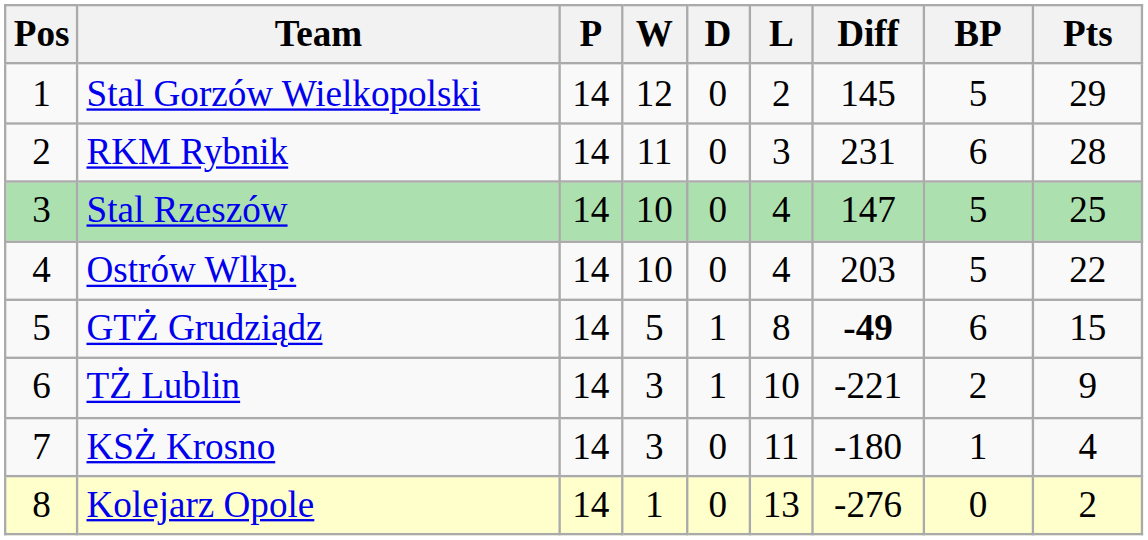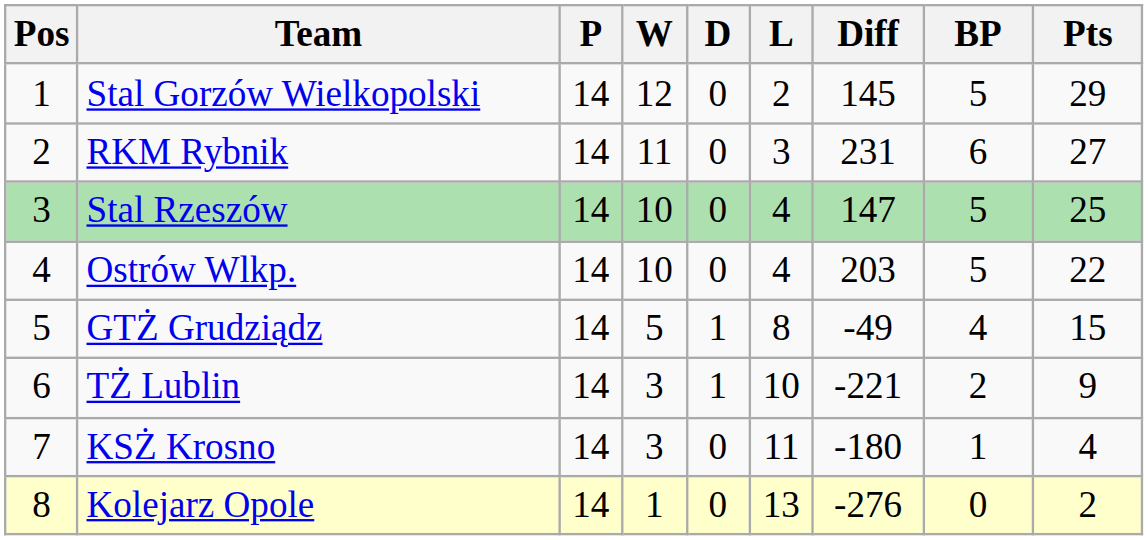 <table class="wikitable" style="font-size: 100%">
 <tr>
 <th width=20>Pos</th>
 <th width=200>Team</th>
 <th width=20>P</th>
 <th width=20>W</th>
 <th width=20>D</th>
 <th width=20>L</th>
 <th width=40>Diff</th>
 <th width=40>BP</th>
 <th width=40>Pts</th>
 </tr>
 <tr align=center>
 <td>1</td>
 <td align="left"><a href='#'>Stal Gorzów Wielkopolski</a></td>
 <td>14</td>
 <td>12</td>
 <td>0</td>
 <td>2</td>
 <td>145</td>
 <td>5</td>
 <td>29</td>
 </tr>
 <tr align=center>
 <td>2</td>
 <td align="left"><a href='#'>RKM Rybnik</a></td>
 <td>14</td>
 <td>11</td>
 <td>0</td>
 <td>3</td>
 <td>231</td>
 <td>6</td>
-<td>28</td>
+<td>27</td>
 </tr>
 <tr align=center style="background:#ACE1AF;">
 <td>3</td>
 <td align="left"><a href='#'>Stal Rzeszów</a></td>
 <td>14</td>
 <td>10</td>
 <td>0</td>
 <td>4</td>
 <td>147</td>
 <td>5</td>
 <td>25</td>
 </tr>
 <tr align=center>
 <td>4</td>
 <td align="left"><a href='#'>Ostrów Wlkp.</a></td>
 <td>14</td>
 <td>10</td>
 <td>0</td>
 <td>4</td>
 <td>203</td>
 <td>5</td>
 <td>22</td>
 </tr>
 <tr align=center>
 <td>5</td>
 <td align="left"><a href='#'>GTŻ Grudziądz</a></td>
 <td>14</td>
 <td>5</td>
 <td>1</td>
 <td>8</td>
-<td><strong>-49</strong></td>
-<td>6</td>
+<td>-49</td>
+<td>4</td>
 <td>15</td>
 </tr>
 <tr align=center>
 <td>6</td>
 <td align="left"><a href='#'>TŻ Lublin</a></td>
 <td>14</td>
 <td>3</td>
 <td>1</td>
 <td>10</td>
 <td>-221</td>
 <td>2</td>
 <td>9</td>
 </tr>
 <tr align=center>
 <td>7</td>
 <td align="left"><a href='#'>KSŻ Krosno</a></td>
 <td>14</td>
 <td>3</td>
 <td>0</td>
 <td>11</td>
 <td>-180</td>
 <td>1</td>
 <td>4</td>
 </tr>
 <tr align=center style="background: #ffffcc;">
 <td>8</td>
 <td align="left"><a href='#'>Kolejarz Opole</a></td>
 <td>14</td>
 <td>1</td>
 <td>0</td>
 <td>13</td>
 <td>-276</td>
 <td>0</td>
 <td>2</td>
 </tr>
 </table>
